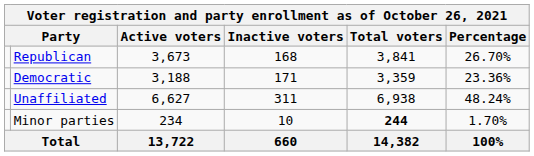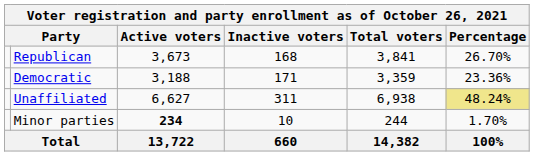 <table class=wikitable>
 <tr>
 <th colspan = 6>Voter registration and party enrollment as of October 26, 2021</th>
 </tr>
 <tr>
 <th colspan = 2>Party</th>
 <th>Active voters</th>
 <th>Inactive voters</th>
 <th>Total voters</th>
 <th>Percentage</th>
 </tr>
 <tr>
 <td></td>
 <td><a href='#'>Republican</a></td>
 <td style="text-align:center;">3,673</td>
 <td style="text-align:center;">168</td>
 <td style="text-align:center;">3,841</td>
 <td style="text-align:center;">26.70%</td>
 </tr>
 <tr>
 <td></td>
 <td><a href='#'>Democratic</a></td>
 <td style="text-align:center;">3,188</td>
 <td style="text-align:center;">171</td>
 <td style="text-align:center;">3,359</td>
 <td style="text-align:center;">23.36%</td>
 </tr>
 <tr>
 <td></td>
 <td><a href='#'>Unaffiliated</a></td>
 <td style="text-align:center;">6,627</td>
 <td style="text-align:center;">311</td>
 <td style="text-align:center;">6,938</td>
-<td style="text-align:center;">48.24%</td>
+<td style="background: khaki; text-align:center;">48.24%</td>
 </tr>
 <tr>
 <td></td>
 <td>Minor parties</td>
-<td style="text-align:center;">234</td>
+<td style="text-align:center;"><strong>234</strong></td>
 <td style="text-align:center;">10</td>
-<td style="text-align:center;"><strong>244</strong></td>
+<td style="text-align:center;">244</td>
 <td style="text-align:center;">1.70%</td>
 </tr>
 <tr>
 <th colspan = 2>Total</th>
 <th style="text-align:center;">13,722</th>
 <th style="text-align:center;">660</th>
 <th style="text-align:center;">14,382</th>
 <th style="text-align:center;">100%</th>
 </tr>
 </table>
